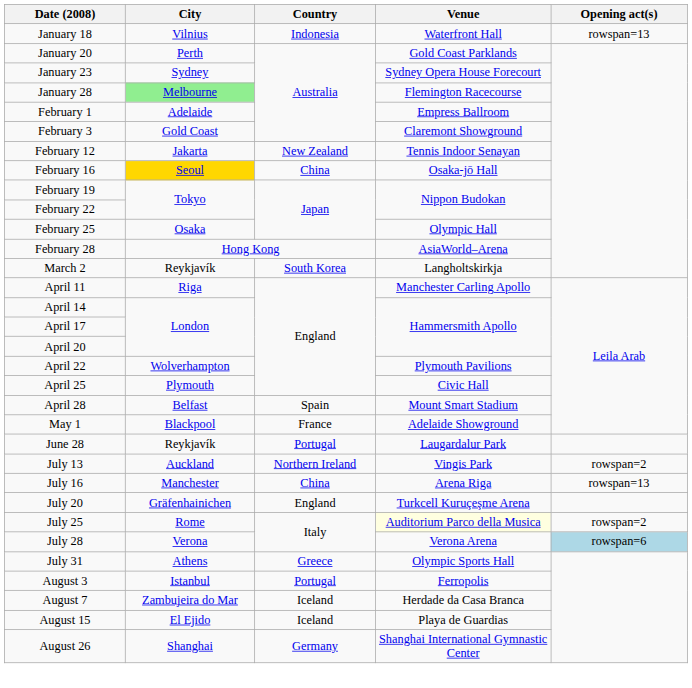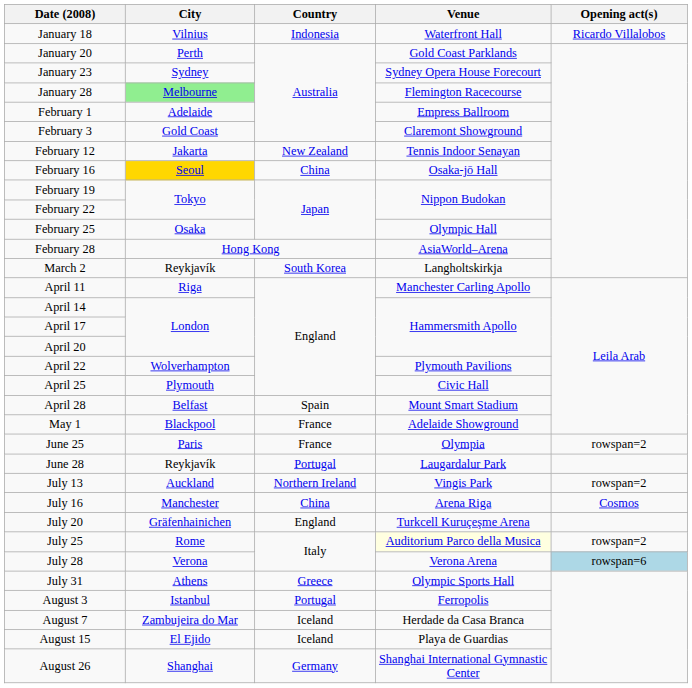 <table class="wikitable" style="text-align:center;">
 <tr>
 <th style="width:150px;">Date (2008)</th>
 <th style="width:160px;">City</th>
 <th style="width:150px;">Country</th>
 <th style="width:220px;">Venue</th>
 <th style="width:170px;">Opening act(s)</th>
 </tr>
 <tr>
 <td>January 18</td>
 <td><a href='#'>Vilnius</a></td>
 <td><a href='#'>Indonesia</a></td>
 <td><a href='#'>Waterfront Hall</a></td>
-<td>rowspan=13 </td>
+<td><a href='#'>Ricardo Villalobos</a></td>
 </tr>
 <tr>
 <td>January 20</td>
 <td><a href='#'>Perth</a></td>
 <td rowspan="5"><a href='#'>Australia</a></td>
 <td><a href='#'>Gold Coast Parklands</a></td>
 </tr>
 <tr>
 <td>January 23</td>
 <td><a href='#'>Sydney</a></td>
 <td><a href='#'>Sydney Opera House Forecourt</a></td>
 </tr>
 <tr>
 <td>January 28</td>
 <td style="background: lightgreen;"><a href='#'>Melbourne</a></td>
 <td><a href='#'>Flemington Racecourse</a></td>
 </tr>
 <tr>
 <td>February 1</td>
 <td><a href='#'>Adelaide</a></td>
 <td><a href='#'>Empress Ballroom</a></td>
 </tr>
 <tr>
 <td>February 3</td>
 <td><a href='#'>Gold Coast</a></td>
 <td><a href='#'>Claremont Showground</a></td>
 </tr>
 <tr>
 <td>February 12</td>
 <td><a href='#'>Jakarta</a></td>
 <td><a href='#'>New Zealand</a></td>
 <td><a href='#'>Tennis Indoor Senayan</a></td>
 </tr>
 <tr>
 <td>February 16</td>
 <td style="background: gold;"><a href='#'>Seoul</a></td>
 <td><a href='#'>China</a></td>
 <td><a href='#'>Osaka-jō Hall</a></td>
 </tr>
 <tr>
 <td>February 19</td>
 <td rowspan="2"><a href='#'>Tokyo</a></td>
 <td rowspan="3"><a href='#'>Japan</a></td>
 <td rowspan="2"><a href='#'>Nippon Budokan</a></td>
 </tr>
 <tr>
 <td>February 22</td>
 </tr>
 <tr>
 <td>February 25</td>
 <td><a href='#'>Osaka</a></td>
 <td><a href='#'>Olympic Hall</a></td>
 </tr>
 <tr>
 <td>February 28</td>
 <td colspan="2"><a href='#'>Hong Kong</a></td>
 <td><a href='#'>AsiaWorld–Arena</a></td>
 </tr>
 <tr>
 <td>March 2</td>
 <td>Reykjavík</td>
 <td><a href='#'>South Korea</a></td>
 <td>Langholtskirkja</td>
 </tr>
 <tr>
 <td>April 11</td>
 <td><a href='#'>Riga</a></td>
 <td rowspan="6">England</td>
 <td><a href='#'>Manchester Carling Apollo</a></td>
 <td rowspan=8><a href='#'>Leila Arab</a></td>
 </tr>
 <tr>
 <td>April 14</td>
 <td rowspan="3"><a href='#'>London</a></td>
 <td rowspan="3"><a href='#'>Hammersmith Apollo</a></td>
 </tr>
 <tr>
 <td>April 17</td>
 </tr>
 <tr>
 <td>April 20</td>
 </tr>
 <tr>
 <td>April 22</td>
 <td><a href='#'>Wolverhampton</a></td>
 <td><a href='#'>Plymouth Pavilions</a></td>
 </tr>
 <tr>
 <td>April 25</td>
 <td><a href='#'>Plymouth</a></td>
 <td><a href='#'>Civic Hall</a></td>
 </tr>
 <tr>
 <td>April 28</td>
 <td><a href='#'>Belfast</a></td>
 <td>Spain</td>
 <td><a href='#'>Mount Smart Stadium</a></td>
 </tr>
 <tr>
 <td>May 1</td>
 <td><a href='#'>Blackpool</a></td>
 <td>France</td>
 <td><a href='#'>Adelaide Showground</a></td>
 </tr>
 <tr>
+<td>June 25</td>
+<td><a href='#'>Paris</a></td>
+<td>France</td>
+<td><a href='#'>Olympia</a></td>
+<td>rowspan=2 </td>
+</tr>
+<tr>
 <td>June 28</td>
 <td>Reykjavík</td>
 <td><a href='#'>Portugal</a></td>
 <td><a href='#'>Laugardalur Park</a></td>
 </tr>
 <tr>
 <td>July 13</td>
 <td><a href='#'>Auckland</a></td>
 <td><a href='#'>Northern Ireland</a></td>
 <td><a href='#'>Vingis Park</a></td>
 <td>rowspan=2 </td>
 </tr>
 <tr>
 <td>July 16</td>
 <td><a href='#'>Manchester</a></td>
 <td><a href='#'>China</a></td>
 <td><a href='#'>Arena Riga</a></td>
-<td>rowspan=13 </td>
+<td><a href='#'>Cosmos</a></td>
 </tr>
 <tr>
 <td>July 20</td>
 <td><a href='#'>Gräfenhainichen</a></td>
 <td>England</td>
 <td><a href='#'>Turkcell Kuruçeşme Arena</a></td>
 <td></td>
 </tr>
 <tr>
 <td>July 25</td>
 <td><a href='#'>Rome</a></td>
 <td rowspan="2">Italy</td>
 <td style="background: lightyellow;"><a href='#'>Auditorium Parco della Musica</a></td>
 <td>rowspan=2 </td>
 </tr>
 <tr>
 <td>July 28</td>
 <td><a href='#'>Verona</a></td>
 <td><a href='#'>Verona Arena</a></td>
 <td style="background: lightblue;">rowspan=6 </td>
 </tr>
 <tr>
 <td>July 31</td>
 <td><a href='#'>Athens</a></td>
 <td><a href='#'>Greece</a></td>
 <td><a href='#'>Olympic Sports Hall</a></td>
 </tr>
 <tr>
 <td>August 3</td>
 <td><a href='#'>Istanbul</a></td>
 <td><a href='#'>Portugal</a></td>
 <td><a href='#'>Ferropolis</a></td>
 </tr>
 <tr>
 <td>August 7</td>
 <td><a href='#'>Zambujeira do Mar</a></td>
 <td>Iceland</td>
 <td>Herdade da Casa Branca</td>
 </tr>
 <tr>
 <td>August 15</td>
 <td><a href='#'>El Ejido</a></td>
 <td>Iceland</td>
 <td>Playa de Guardias</td>
 </tr>
 <tr>
 <td>August 26</td>
 <td><a href='#'>Shanghai</a></td>
 <td><a href='#'>Germany</a></td>
 <td><a href='#'>Shanghai International Gymnastic Center</a></td>
 </tr>
 </table>
